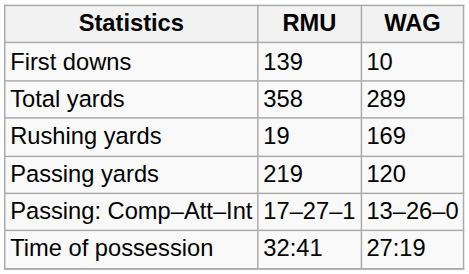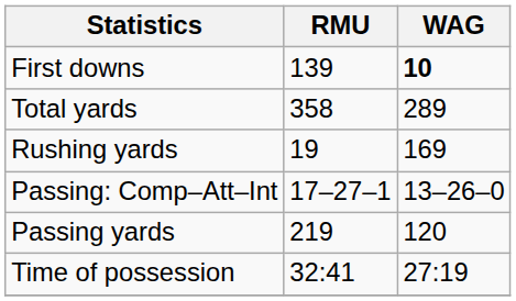 <table class="wikitable" style="float: left;">
 <tr>
 <th>Statistics</th>
 <th>RMU</th>
 <th>WAG</th>
 </tr>
 <tr>
 <td>First downs</td>
 <td>139</td>
-<td>10</td>
+<td><strong>10</strong></td>
 </tr>
 <tr>
 <td>Total yards</td>
 <td>358</td>
 <td>289</td>
 </tr>
 <tr>
 <td>Rushing yards</td>
 <td>19</td>
 <td>169</td>
 </tr>
 <tr>
+<td>Passing: Comp–Att–Int</td>
+<td>17–27–1</td>
+<td>13–26–0</td>
+</tr>
+<tr>
 <td>Passing yards</td>
 <td>219</td>
 <td>120</td>
-</tr>
-<tr>
-<td>Passing: Comp–Att–Int</td>
-<td>17–27–1</td>
-<td>13–26–0</td>
 </tr>
 <tr>
 <td>Time of possession</td>
 <td>32:41</td>
 <td>27:19</td>
 </tr>
 <tr>
 </tr>
 </table>
